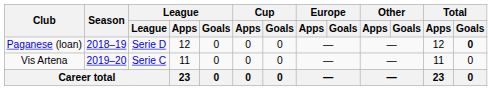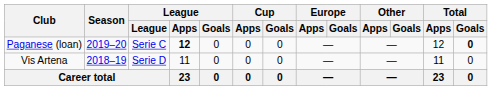 <table class="wikitable" style="text-align: center;">
 <tr>
 <th rowspan="2">Club</th>
 <th rowspan="2">Season</th>
 <th colspan="3">League</th>
 <th colspan="2">Cup</th>
 <th colspan="2">Europe</th>
 <th colspan="2">Other</th>
 <th colspan="2">Total</th>
 </tr>
 <tr>
 <th>League</th>
 <th>Apps</th>
 <th>Goals</th>
 <th>Apps</th>
 <th>Goals</th>
 <th>Apps</th>
 <th>Goals</th>
 <th>Apps</th>
 <th>Goals</th>
 <th>Apps</th>
 <th>Goals</th>
 </tr>
 <tr>
 <td><a href='#'>Paganese</a> (loan)</td>
-<td><a href='#'>2018–19</a></td>
-<td><a href='#'>Serie D</a></td>
-<td>12</td>
+<td><a href='#'>2019–20</a></td>
+<td><a href='#'>Serie C</a></td>
+<td><strong>12</strong></td>
 <td>0</td>
 <td>0</td>
 <td>0</td>
 <td colspan="2">—</td>
 <td colspan="2">—</td>
 <td>12</td>
 <td><strong>0</strong></td>
 </tr>
 <tr>
 <td>Vis Artena</td>
-<td><a href='#'>2019–20</a></td>
-<td><a href='#'>Serie C</a></td>
+<td><a href='#'>2018–19</a></td>
+<td><a href='#'>Serie D</a></td>
 <td>11</td>
 <td>0</td>
 <td>0</td>
 <td>0</td>
 <td colspan="2">—</td>
 <td colspan="2">—</td>
 <td>11</td>
 <td>0</td>
 </tr>
 <tr>
 <th colspan="3">Career total</th>
 <th>23</th>
 <th>0</th>
 <th>0</th>
 <th>0</th>
 <th colspan="2">—</th>
 <th colspan="2">—</th>
 <th>23</th>
 <th>0</th>
 </tr>
 </table>
